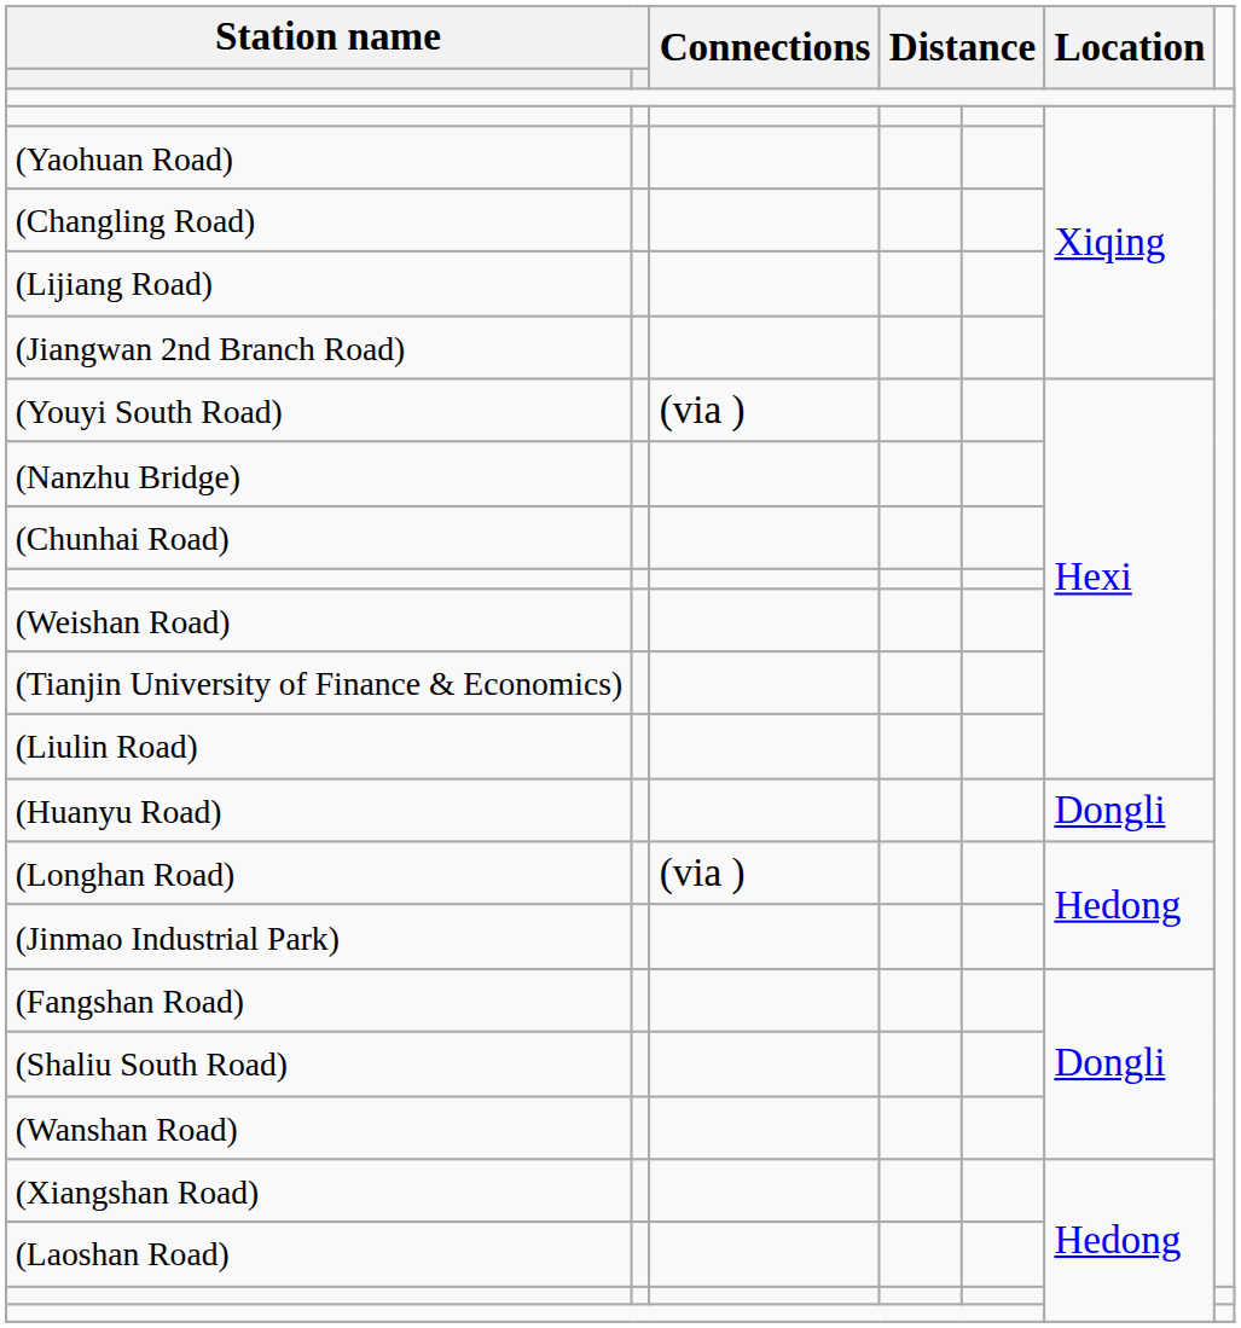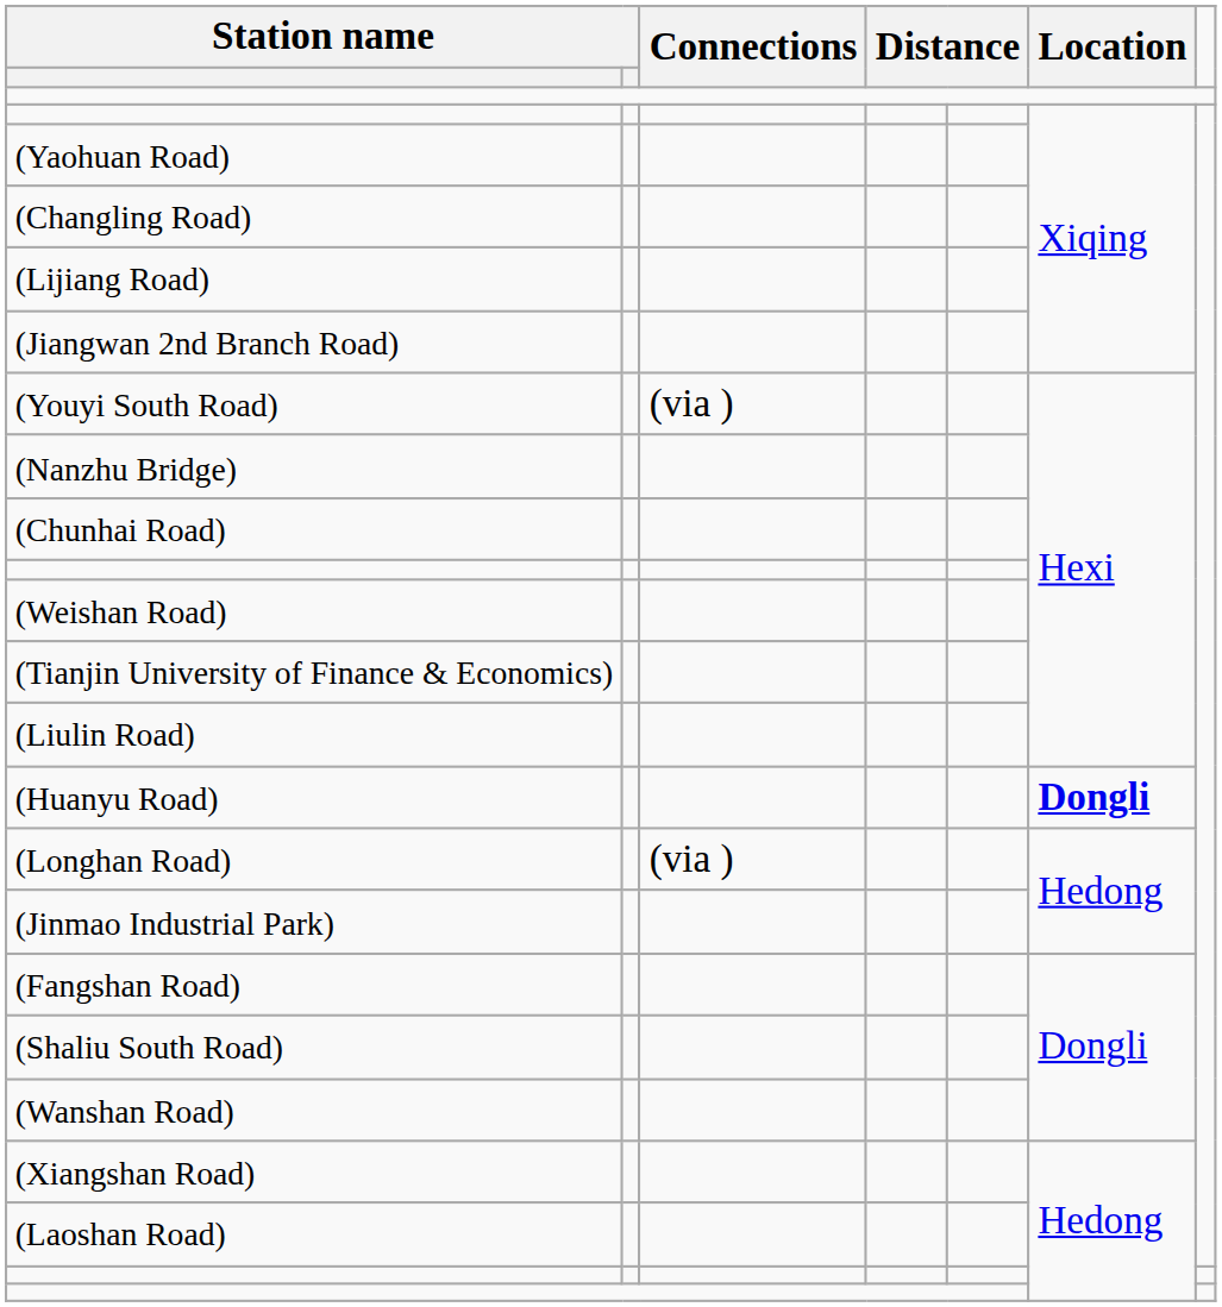 <table class="wikitable">
 <tr>
 <th colspan="2">Station name</th>
 <th rowspan="2">Connections</th>
 <th colspan="2" rowspan="2">Distance<br></th>
 <th rowspan="2">Location</th>
 </tr>
 <tr>
 <th></th>
 <th></th>
 </tr>
 <tr style="background:#">
 <td colspan="7"></td>
 </tr>
 <tr>
 <td></td>
 <td></td>
 <td></td>
 <td></td>
 <td></td>
 <td rowspan="5"><a href='#'>Xiqing</a></td>
 </tr>
 <tr>
 <td> <small>(Yaohuan Road)</small></td>
 <td></td>
 <td></td>
 <td></td>
 <td></td>
 </tr>
 <tr>
 <td> <small>(Changling Road)</small></td>
 <td></td>
 <td></td>
 <td></td>
 <td></td>
 </tr>
 <tr>
 <td> <small>(Lijiang Road)</small></td>
 <td></td>
 <td></td>
 <td></td>
 <td></td>
 </tr>
 <tr>
 <td> <small>(Jiangwan 2nd Branch Road)</small></td>
 <td></td>
 <td></td>
 <td></td>
 <td></td>
 </tr>
 <tr>
 <td> <small>(Youyi South Road)</small></td>
 <td></td>
 <td> (via )</td>
 <td></td>
 <td></td>
 <td rowspan="7"><a href='#'>Hexi</a></td>
 </tr>
 <tr>
 <td> <small>(Nanzhu Bridge)</small></td>
 <td></td>
 <td></td>
 <td></td>
 <td></td>
 </tr>
 <tr>
 <td> <small>(Chunhai Road)</small></td>
 <td></td>
 <td></td>
 <td></td>
 <td></td>
 </tr>
 <tr>
 <td></td>
 <td></td>
 <td></td>
 <td></td>
 <td></td>
 </tr>
 <tr>
 <td> <small>(Weishan Road)</small></td>
 <td></td>
 <td></td>
 <td></td>
 <td></td>
 </tr>
 <tr>
 <td> <small>(Tianjin University of Finance & Economics)</small></td>
 <td></td>
 <td></td>
 <td></td>
 <td></td>
 </tr>
 <tr>
 <td> <small>(Liulin Road)</small></td>
 <td></td>
 <td></td>
 <td></td>
 <td></td>
 </tr>
 <tr>
 <td> <small>(Huanyu Road)</small></td>
 <td></td>
 <td></td>
 <td></td>
 <td></td>
-<td><a href='#'>Dongli</a></td>
+<td><strong><a href='#'>Dongli</a></strong></td>
 </tr>
 <tr>
 <td> <small>(Longhan Road)</small></td>
 <td></td>
 <td> (via )</td>
 <td></td>
 <td></td>
 <td rowspan="2"><a href='#'>Hedong</a></td>
 </tr>
 <tr>
 <td> <small>(Jinmao Industrial Park)</small></td>
 <td></td>
 <td></td>
 <td></td>
 <td></td>
 </tr>
 <tr>
 <td> <small>(Fangshan Road)</small></td>
 <td></td>
 <td></td>
 <td></td>
 <td></td>
 <td rowspan="3"><a href='#'>Dongli</a></td>
 </tr>
 <tr>
 <td> <small>(Shaliu South Road)</small></td>
 <td></td>
 <td></td>
 <td></td>
 <td></td>
 </tr>
 <tr>
 <td> <small>(Wanshan Road)</small></td>
 <td></td>
 <td></td>
 <td></td>
 <td></td>
 </tr>
 <tr>
 <td> <small>(Xiangshan Road)</small></td>
 <td></td>
 <td></td>
 <td></td>
 <td></td>
 <td rowspan="5"><a href='#'>Hedong</a></td>
 </tr>
 <tr>
 <td> <small>(Laoshan Road)</small></td>
 <td></td>
 <td></td>
 <td></td>
 <td></td>
 </tr>
 <tr>
 <td></td>
 <td></td>
 <td></td>
 <td></td>
 <td></td>
 <td></td>
 </tr>
 <tr style="background:#">
 <td colspan="7"></td>
 </tr>
 </table>
